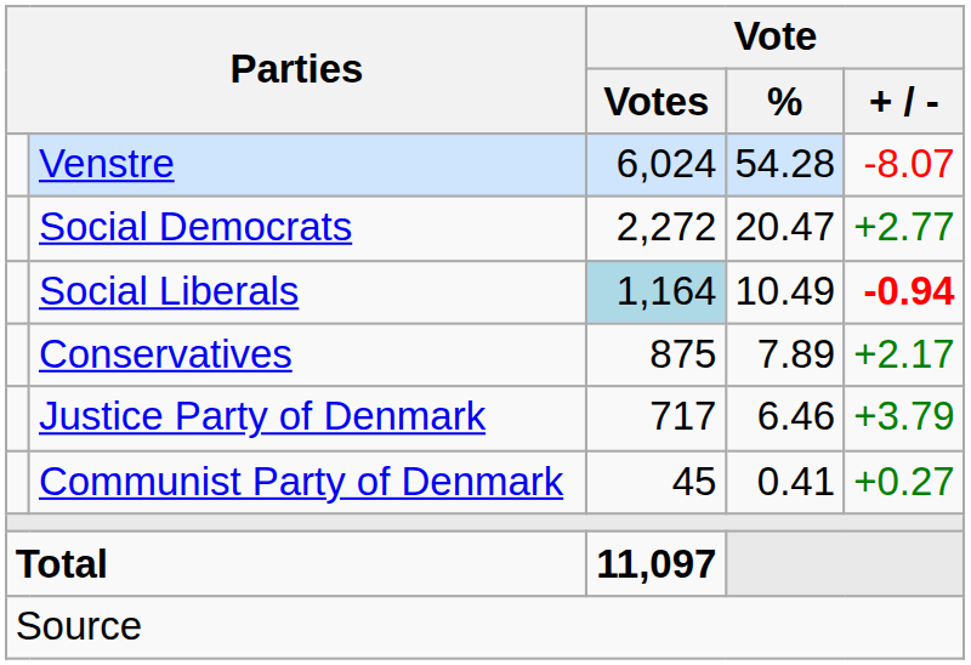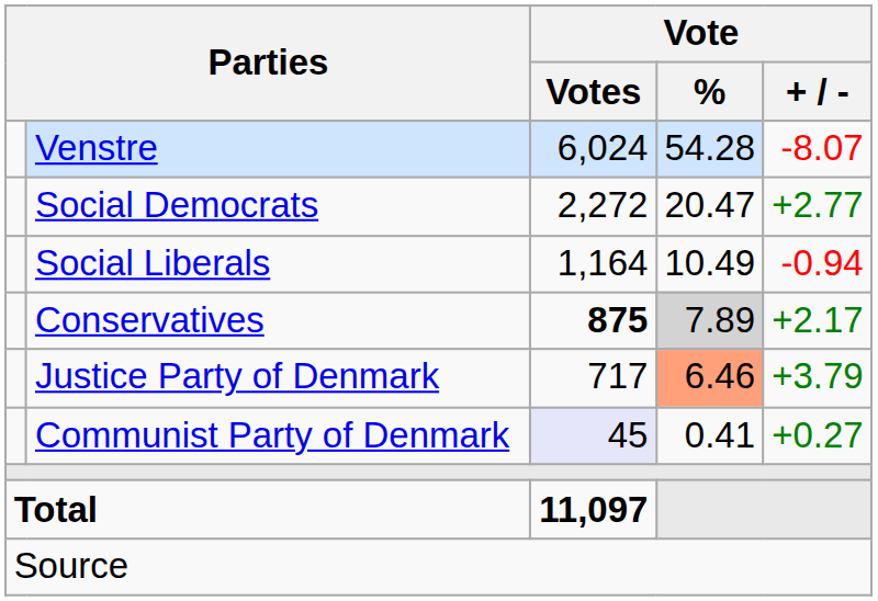 <table class="wikitable" style="text-align:right;">
 <tr>
 <th style="text-align:centre;" rowspan="2" colspan="2" width="225">Parties</th>
 <th colspan="3">Vote</th>
 </tr>
 <tr>
 <th width="15">Votes</th>
 <th width="15">%</th>
 <th width="15">+ / -</th>
 </tr>
 <tr>
 <td width="2" style="color:inherit;background:"></td>
 <td bgcolor=#cfe5fe  align="left"><a href='#'>Venstre</a></td>
 <td bgcolor=#cfe5fe>6,024</td>
 <td bgcolor=#cfe5fe>54.28</td>
 <td style=color:red;>-8.07</td>
 </tr>
 <tr>
 <td width="2" style="color:inherit;background:"></td>
 <td align="left"><a href='#'>Social Democrats</a></td>
 <td>2,272</td>
 <td>20.47</td>
 <td style=color:green;>+2.77</td>
 </tr>
 <tr>
 <td width="2" style="color:inherit;background:"></td>
 <td align="left"><a href='#'>Social Liberals</a></td>
-<td style="background: lightblue;">1,164</td>
+<td>1,164</td>
 <td>10.49</td>
-<td style=color:red;><strong>-0.94</strong></td>
+<td style=color:red;>-0.94</td>
 </tr>
 <tr>
 <td width="2" style="color:inherit;background:"></td>
 <td align="left"><a href='#'>Conservatives</a></td>
-<td>875</td>
-<td>7.89</td>
+<td><strong>875</strong></td>
+<td style="background: lightgrey;">7.89</td>
 <td style=color:green;>+2.17</td>
 </tr>
 <tr>
 <td width="2" style="color:inherit;background:"></td>
 <td align="left"><a href='#'>Justice Party of Denmark</a></td>
 <td>717</td>
-<td>6.46</td>
+<td style="background: lightsalmon;">6.46</td>
 <td style=color:green;>+3.79</td>
 </tr>
 <tr>
 <td width="2" style="color:inherit;background:"></td>
 <td align="left"><a href='#'>Communist Party of Denmark</a></td>
-<td>45</td>
+<td style="background: lavender;">45</td>
 <td>0.41</td>
 <td style=color:green;>+0.27</td>
 </tr>
 <tr>
 <td colspan="7" bgcolor="#E9E9E9"></td>
 </tr>
 <tr>
 <td align="left" colspan="2"><strong>Total</strong></td>
 <td><strong>11,097</strong></td>
 <td bgcolor="#E9E9E9" colspan="2"></td>
 </tr>
 <tr>
 <td align="left" colspan="6">Source</td>
 </tr>
 </table>
